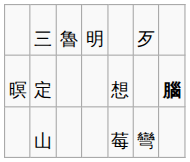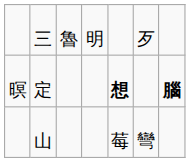 <table class="wikitable" style=text-align:center>
 <tr>
 <td></td>
 <td><br>三</td>
 <td><br>魯</td>
 <td><br>明</td>
 <td></td>
 <td><br>歹</td>
 <td></td>
 </tr>
 <tr>
 <td><br>暝</td>
 <td><br>定</td>
 <td></td>
 <td></td>
-<td><br>想</td>
+<td><strong><br>想</strong></td>
 <td></td>
 <td><strong><br>腦</strong></td>
 </tr>
 <tr>
 <td></td>
 <td><br>山</td>
 <td></td>
 <td></td>
 <td><br>莓</td>
 <td><br>彎</td>
 <td></td>
 </tr>
 </table>
